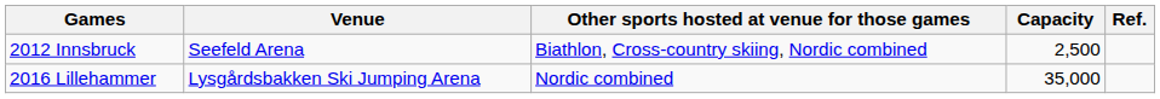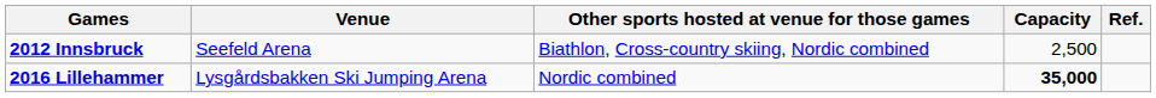 <table class="wikitable sortable" width="1000px">
 <tr>
 <th>Games</th>
 <th>Venue</th>
 <th>Other sports hosted at venue for those games</th>
 <th>Capacity</th>
 <th>Ref.</th>
 </tr>
 <tr>
-<td><a href='#'>2012 Innsbruck</a></td>
+<td><strong><a href='#'>2012 Innsbruck</a></strong></td>
 <td><a href='#'>Seefeld Arena</a></td>
 <td><a href='#'>Biathlon</a>, <a href='#'>Cross-country skiing</a>, <a href='#'>Nordic combined</a></td>
 <td align="right">2,500</td>
 <td align="center"></td>
 </tr>
 <tr>
-<td><a href='#'>2016 Lillehammer</a></td>
+<td><strong><a href='#'>2016 Lillehammer</a></strong></td>
 <td><a href='#'>Lysgårdsbakken Ski Jumping Arena</a></td>
 <td><a href='#'>Nordic combined</a></td>
-<td align="right">35,000</td>
+<td align="right"><strong>35,000</strong></td>
 <td align="center"></td>
 </tr>
 </table>
